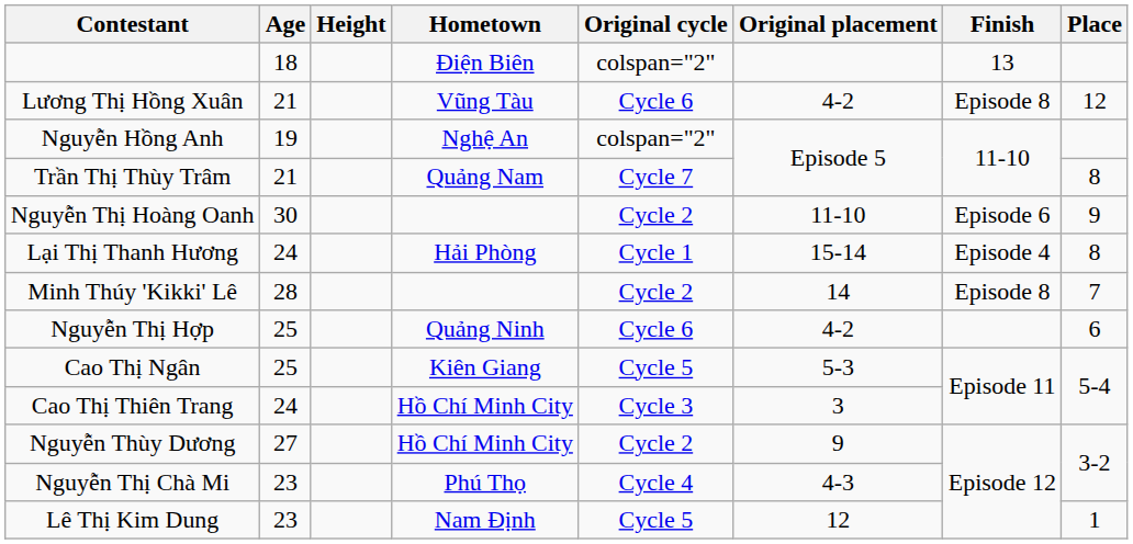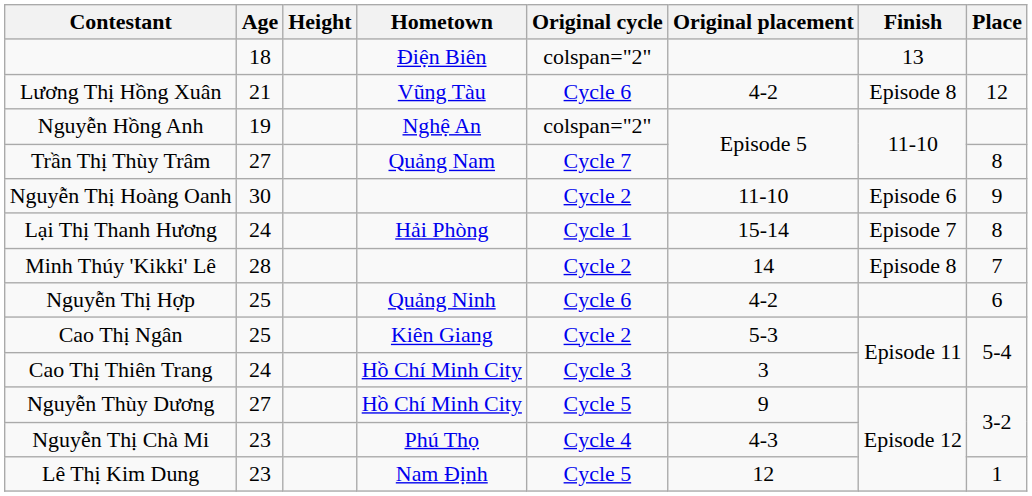 <table class="wikitable sortable" style="text-align:center;">
 <tr>
 <th>Contestant</th>
 <th>Age</th>
 <th>Height</th>
 <th>Hometown</th>
 <th>Original cycle</th>
 <th>Original placement</th>
 <th>Finish</th>
 <th>Place</th>
 </tr>
 <tr>
 <td></td>
 <td>18</td>
 <td></td>
 <td><a href='#'>Điện Biên</a></td>
 <td>colspan="2" </td>
 <td></td>
 <td>13</td>
 </tr>
 <tr>
 <td>Lương Thị Hồng Xuân</td>
 <td>21</td>
 <td></td>
 <td><a href='#'>Vũng Tàu</a></td>
 <td><a href='#'>Cycle 6</a></td>
 <td>4-2</td>
 <td>Episode 8</td>
 <td>12</td>
 </tr>
 <tr>
 <td>Nguyễn Hồng Anh</td>
 <td>19</td>
 <td></td>
 <td><a href='#'>Nghệ An</a></td>
 <td>colspan="2" </td>
 <td rowspan="2">Episode 5</td>
 <td rowspan="2">11-10</td>
 </tr>
 <tr>
 <td>Trần Thị Thùy Trâm</td>
-<td>21</td>
+<td>27</td>
 <td></td>
 <td><a href='#'>Quảng Nam</a></td>
 <td><a href='#'>Cycle 7</a></td>
 <td>8</td>
 </tr>
 <tr>
 <td>Nguyễn Thị Hoàng Oanh</td>
 <td>30</td>
 <td></td>
 <td></td>
 <td><a href='#'>Cycle 2</a></td>
 <td>11-10</td>
 <td>Episode 6</td>
 <td>9</td>
 </tr>
 <tr>
 <td>Lại Thị Thanh Hương</td>
 <td>24</td>
 <td></td>
 <td><a href='#'>Hải Phòng</a></td>
 <td><a href='#'>Cycle 1</a></td>
 <td>15-14</td>
-<td>Episode 4</td>
+<td>Episode 7</td>
 <td>8</td>
 </tr>
 <tr>
 <td>Minh Thúy 'Kikki' Lê</td>
 <td>28</td>
 <td></td>
 <td></td>
 <td><a href='#'>Cycle 2</a></td>
 <td>14</td>
 <td>Episode 8</td>
 <td>7</td>
 </tr>
 <tr>
 <td>Nguyễn Thị Hợp</td>
 <td>25</td>
 <td></td>
 <td><a href='#'>Quảng Ninh</a></td>
 <td><a href='#'>Cycle 6</a></td>
 <td>4-2</td>
 <td></td>
 <td>6</td>
 </tr>
 <tr>
 <td>Cao Thị Ngân</td>
 <td>25</td>
 <td></td>
 <td><a href='#'>Kiên Giang</a></td>
-<td><a href='#'>Cycle 5</a></td>
+<td><a href='#'>Cycle 2</a></td>
 <td>5-3</td>
 <td rowspan="2">Episode 11</td>
 <td rowspan="2">5-4</td>
 </tr>
 <tr>
 <td>Cao Thị Thiên Trang</td>
 <td>24</td>
 <td></td>
 <td><a href='#'>Hồ Chí Minh City</a></td>
 <td><a href='#'>Cycle 3</a></td>
 <td>3</td>
 </tr>
 <tr>
 <td>Nguyễn Thùy Dương</td>
 <td>27</td>
 <td></td>
 <td><a href='#'>Hồ Chí Minh City</a></td>
-<td><a href='#'>Cycle 2</a></td>
+<td><a href='#'>Cycle 5</a></td>
 <td>9</td>
 <td rowspan="3">Episode 12</td>
 <td rowspan="2">3-2</td>
 </tr>
 <tr>
 <td>Nguyễn Thị Chà Mi</td>
 <td>23</td>
 <td></td>
 <td><a href='#'>Phú Thọ</a></td>
 <td><a href='#'>Cycle 4</a></td>
 <td>4-3</td>
 </tr>
 <tr>
 <td>Lê Thị Kim Dung</td>
 <td>23</td>
 <td></td>
 <td><a href='#'>Nam Định</a></td>
 <td><a href='#'>Cycle 5</a></td>
 <td>12</td>
 <td>1</td>
 </tr>
 </table>
